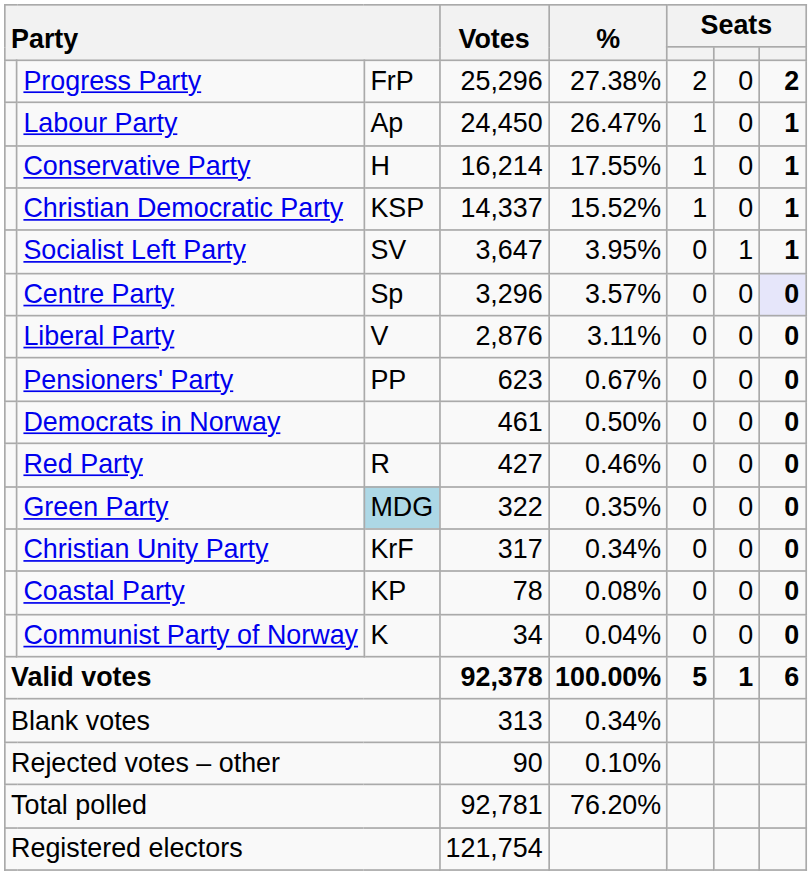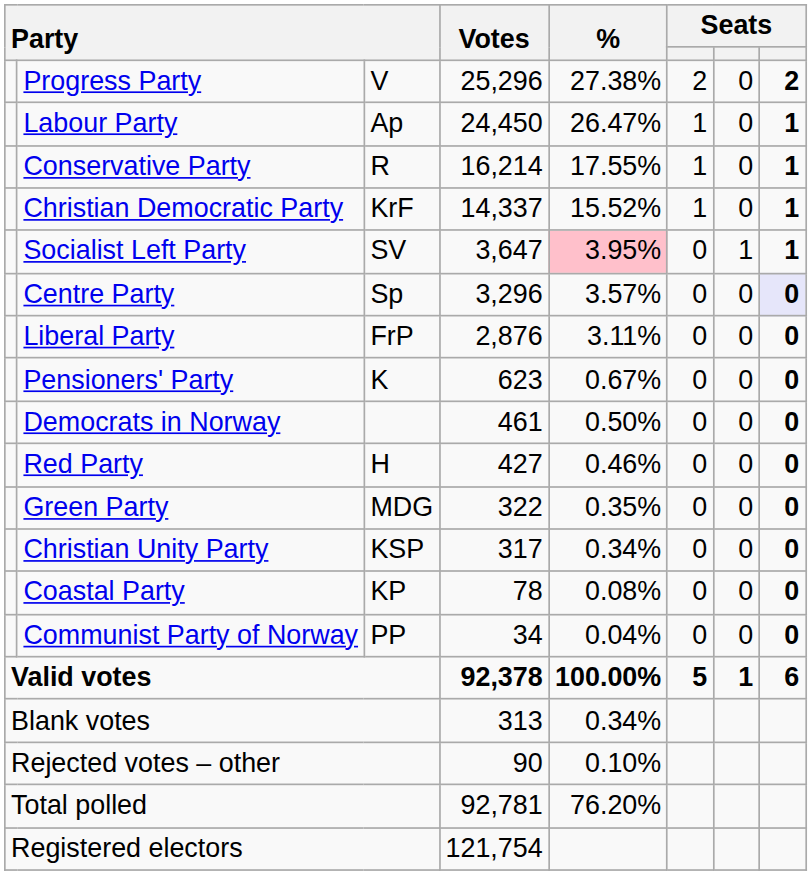 <table class="wikitable" border="1" style="text-align:right;">
 <tr>
 <th style="text-align:left;" valign=bottom rowspan=2 colspan=3>Party</th>
 <th align=center valign=bottom rowspan=2 width="50">Votes</th>
 <th align=center valign=bottom rowspan=2 width="50">%</th>
 <th colspan=3>Seats</th>
 </tr>
 <tr>
 <th align=center valign=bottom width="20"><small></small></th>
 <th align=center valign=bottom width="20"><small><a href='#'></a></small></th>
 <th align=center valign=bottom width="20"><small></small></th>
 </tr>
 <tr>
 <td style="color:inherit;background:"></td>
 <td align=left><a href='#'>Progress Party</a></td>
-<td align=left>FrP</td>
+<td align=left>V</td>
 <td>25,296</td>
 <td>27.38%</td>
 <td>2</td>
 <td>0</td>
 <td><strong>2</strong></td>
 </tr>
 <tr>
 <td style="color:inherit;background:"></td>
 <td align=left><a href='#'>Labour Party</a></td>
 <td align=left>Ap</td>
 <td>24,450</td>
 <td>26.47%</td>
 <td>1</td>
 <td>0</td>
 <td><strong>1</strong></td>
 </tr>
 <tr>
 <td style="color:inherit;background:"></td>
 <td align=left><a href='#'>Conservative Party</a></td>
-<td align=left>H</td>
+<td align=left>R</td>
 <td>16,214</td>
 <td>17.55%</td>
 <td>1</td>
 <td>0</td>
 <td><strong>1</strong></td>
 </tr>
 <tr>
 <td style="color:inherit;background:"></td>
 <td align=left><a href='#'>Christian Democratic Party</a></td>
-<td align=left>KSP</td>
+<td align=left>KrF</td>
 <td>14,337</td>
 <td>15.52%</td>
 <td>1</td>
 <td>0</td>
 <td><strong>1</strong></td>
 </tr>
 <tr>
 <td style="color:inherit;background:"></td>
 <td align=left><a href='#'>Socialist Left Party</a></td>
 <td align=left>SV</td>
 <td>3,647</td>
-<td>3.95%</td>
+<td style="background: pink;">3.95%</td>
 <td>0</td>
 <td>1</td>
 <td><strong>1</strong></td>
 </tr>
 <tr>
 <td style="color:inherit;background:"></td>
 <td align=left><a href='#'>Centre Party</a></td>
 <td align=left>Sp</td>
 <td>3,296</td>
 <td>3.57%</td>
 <td>0</td>
 <td>0</td>
 <td style="background: lavender;"><strong>0</strong></td>
 </tr>
 <tr>
 <td style="color:inherit;background:"></td>
 <td align=left><a href='#'>Liberal Party</a></td>
-<td align=left>V</td>
+<td align=left>FrP</td>
 <td>2,876</td>
 <td>3.11%</td>
 <td>0</td>
 <td>0</td>
 <td><strong>0</strong></td>
 </tr>
 <tr>
 <td style="color:inherit;background:"></td>
 <td align=left><a href='#'>Pensioners' Party</a></td>
-<td align=left>PP</td>
+<td align=left>K</td>
 <td>623</td>
 <td>0.67%</td>
 <td>0</td>
 <td>0</td>
 <td><strong>0</strong></td>
 </tr>
 <tr>
 <td style="color:inherit;background:"></td>
 <td align=left><a href='#'>Democrats in Norway</a></td>
 <td align=left></td>
 <td>461</td>
 <td>0.50%</td>
 <td>0</td>
 <td>0</td>
 <td><strong>0</strong></td>
 </tr>
 <tr>
 <td style="color:inherit;background:"></td>
 <td align=left><a href='#'>Red Party</a></td>
-<td align=left>R</td>
+<td align=left>H</td>
 <td>427</td>
 <td>0.46%</td>
 <td>0</td>
 <td>0</td>
 <td><strong>0</strong></td>
 </tr>
 <tr>
 <td style="color:inherit;background:"></td>
 <td align=left><a href='#'>Green Party</a></td>
-<td align=left style="background: lightblue;">MDG</td>
+<td align=left>MDG</td>
 <td>322</td>
 <td>0.35%</td>
 <td>0</td>
 <td>0</td>
 <td><strong>0</strong></td>
 </tr>
 <tr>
 <td style="color:inherit;background:"></td>
 <td align=left><a href='#'>Christian Unity Party</a></td>
-<td align=left>KrF</td>
+<td align=left>KSP</td>
 <td>317</td>
 <td>0.34%</td>
 <td>0</td>
 <td>0</td>
 <td><strong>0</strong></td>
 </tr>
 <tr>
 <td style="color:inherit;background:"></td>
 <td align=left><a href='#'>Coastal Party</a></td>
 <td align=left>KP</td>
 <td>78</td>
 <td>0.08%</td>
 <td>0</td>
 <td>0</td>
 <td><strong>0</strong></td>
 </tr>
 <tr>
 <td style="color:inherit;background:"></td>
 <td align=left><a href='#'>Communist Party of Norway</a></td>
-<td align=left>K</td>
+<td align=left>PP</td>
 <td>34</td>
 <td>0.04%</td>
 <td>0</td>
 <td>0</td>
 <td><strong>0</strong></td>
 </tr>
 <tr style="font-weight:bold">
 <td align=left colspan=3>Valid votes</td>
 <td>92,378</td>
 <td>100.00%</td>
 <td>5</td>
 <td>1</td>
 <td>6</td>
 </tr>
 <tr>
 <td align=left colspan=3>Blank votes</td>
 <td>313</td>
 <td>0.34%</td>
 <td></td>
 <td></td>
 <td></td>
 </tr>
 <tr>
 <td align=left colspan=3>Rejected votes – other</td>
 <td>90</td>
 <td>0.10%</td>
 <td></td>
 <td></td>
 <td></td>
 </tr>
 <tr>
 <td align=left colspan=3>Total polled</td>
 <td>92,781</td>
 <td>76.20%</td>
 <td></td>
 <td></td>
 <td></td>
 </tr>
 <tr>
 <td align=left colspan=3>Registered electors</td>
 <td>121,754</td>
 <td></td>
 <td></td>
 <td></td>
 <td></td>
 </tr>
 </table>
